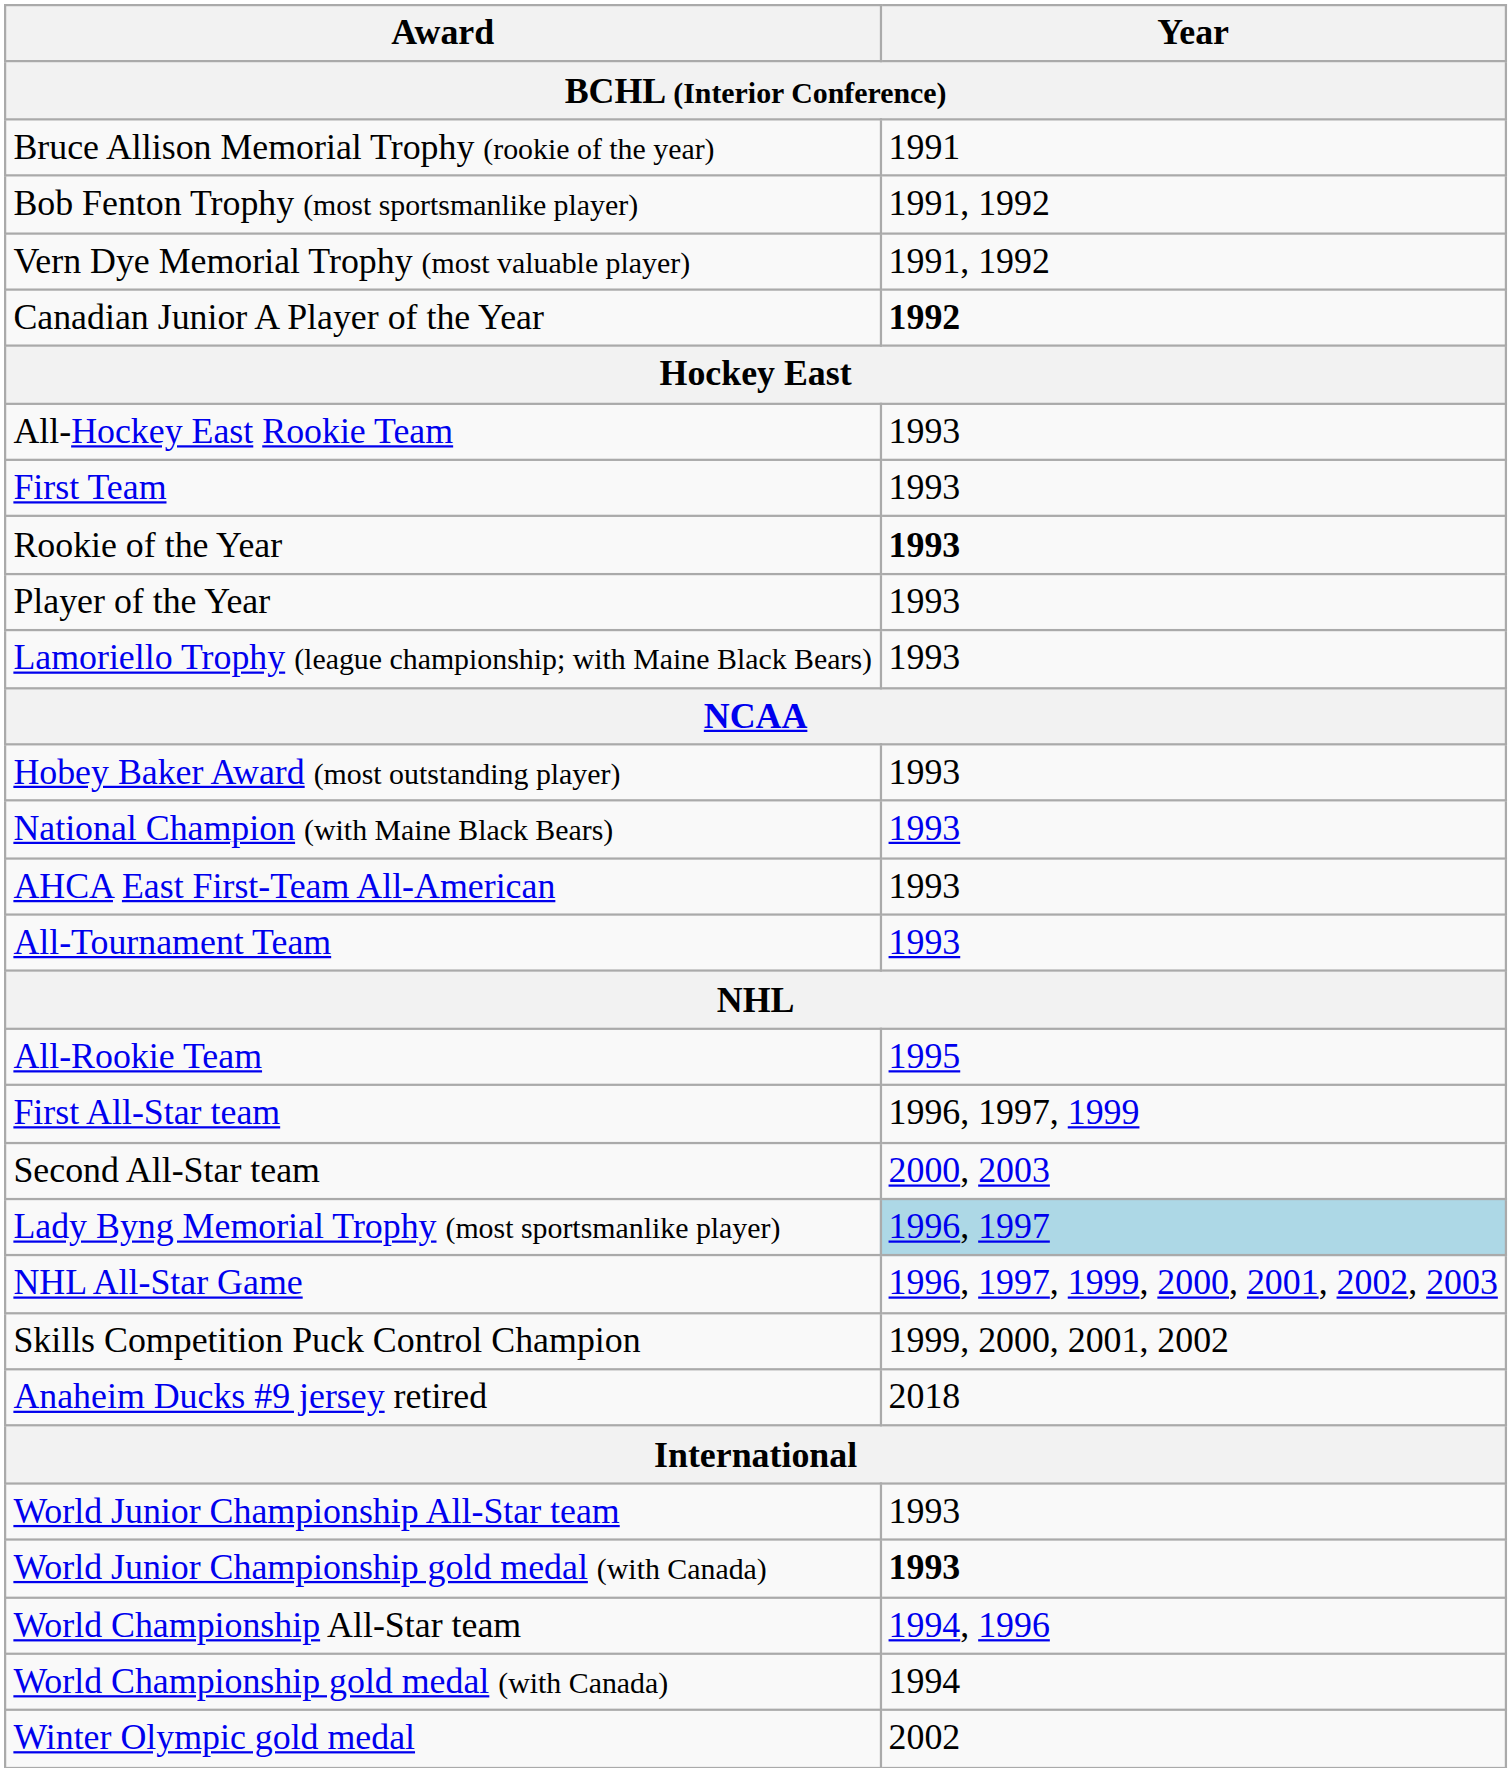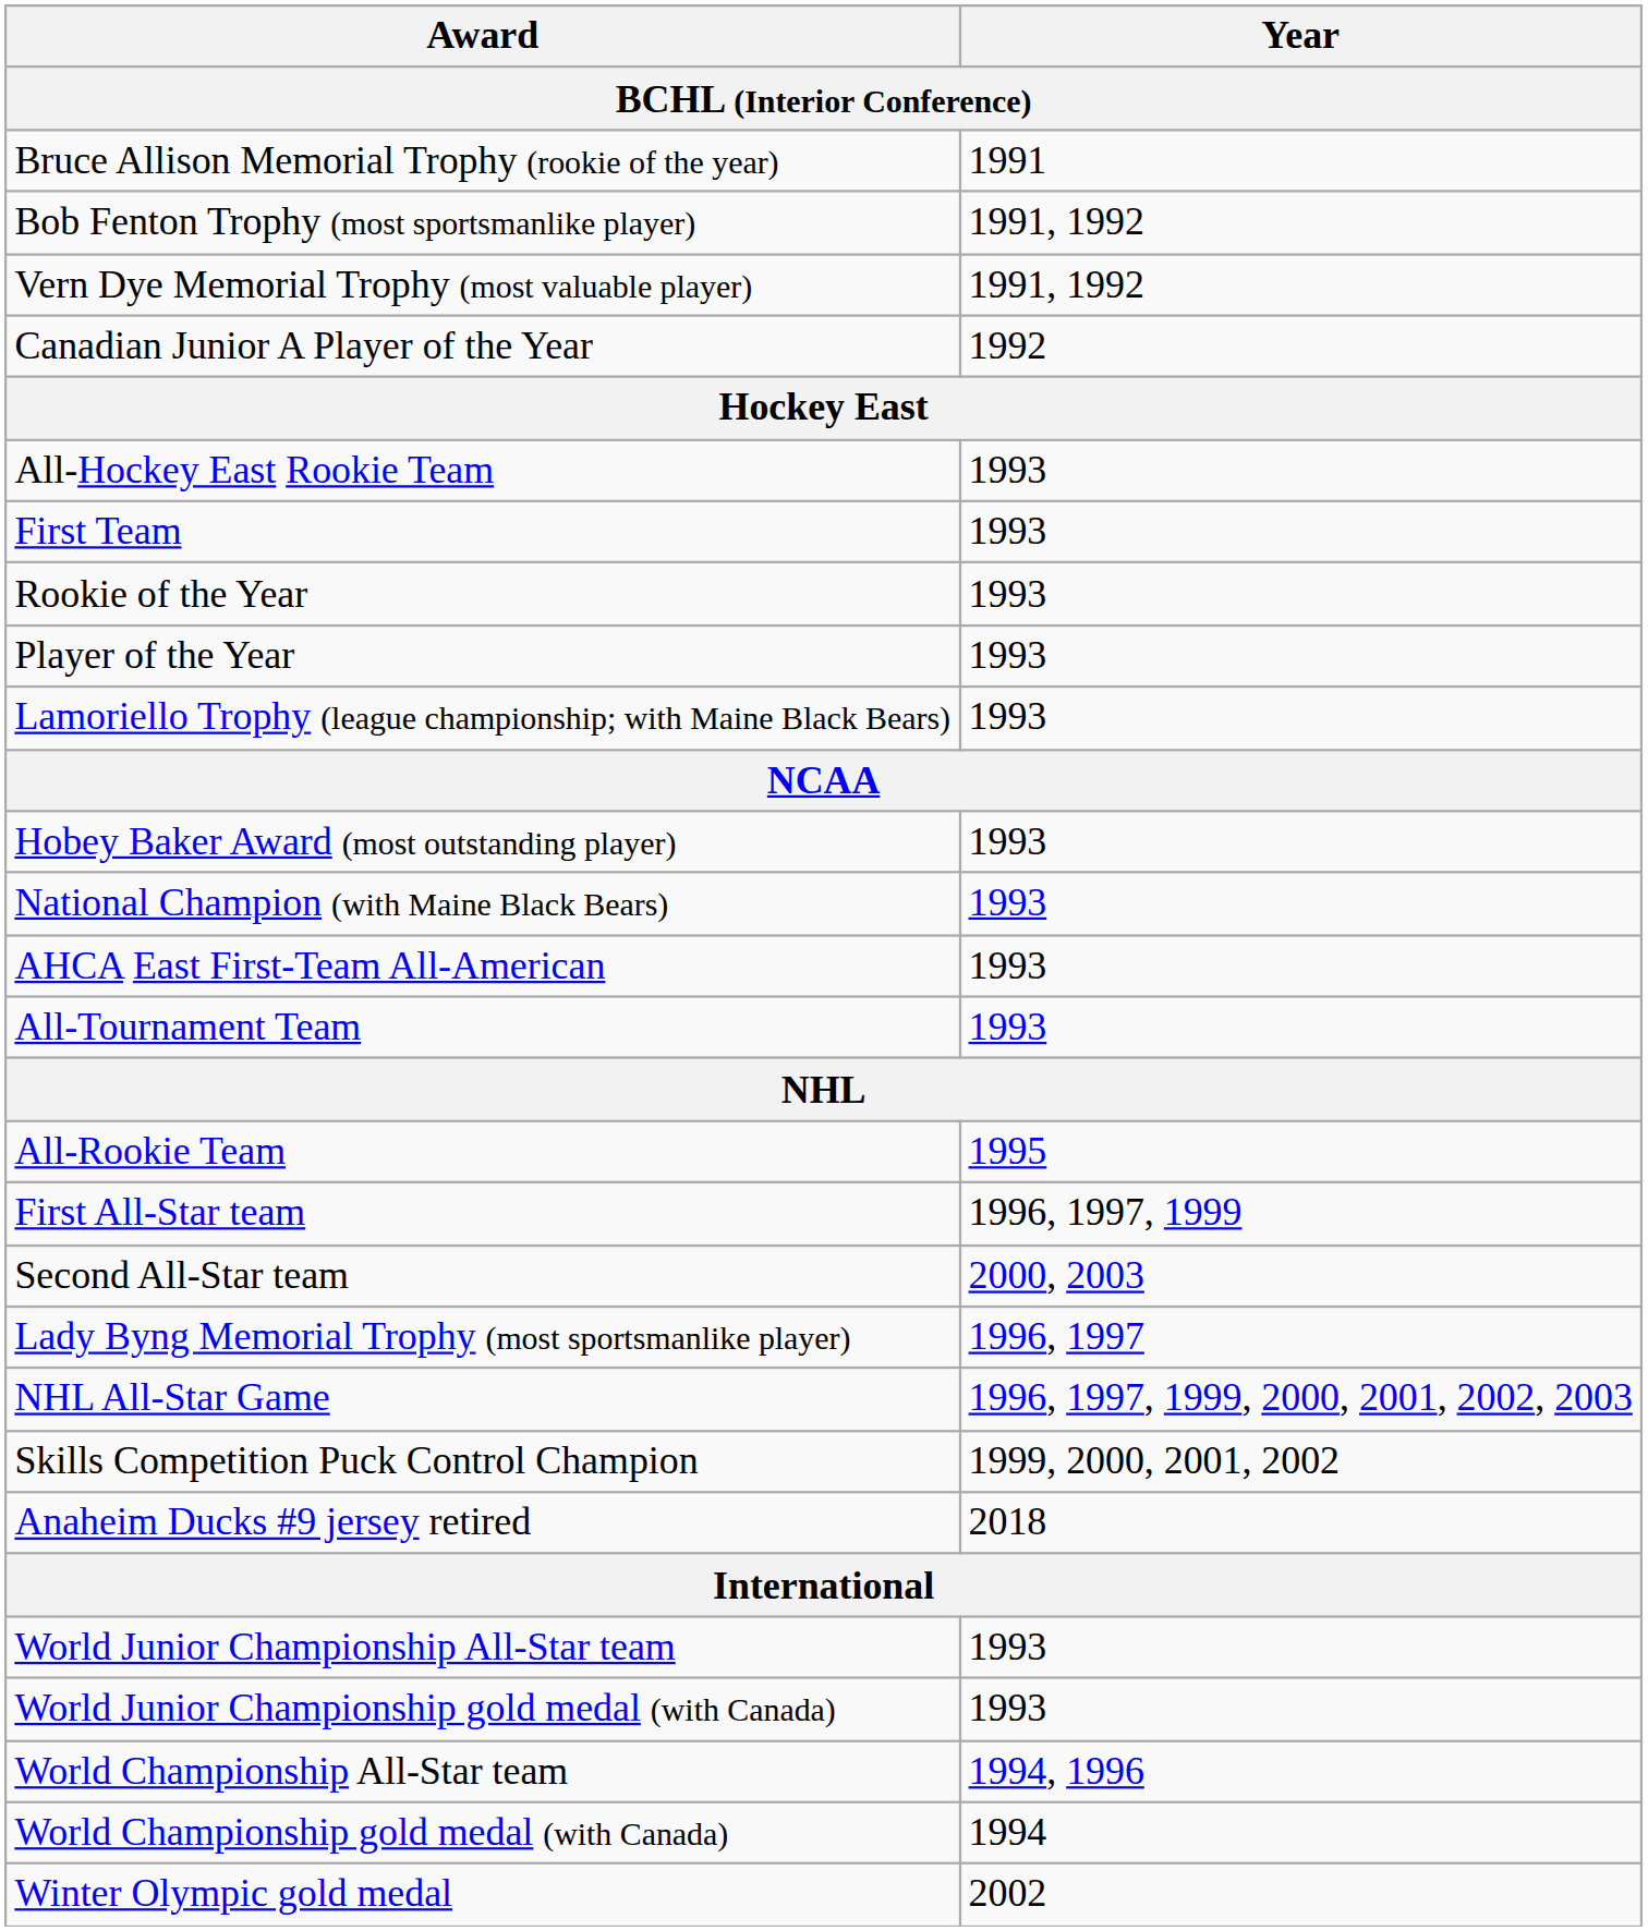 <table class="wikitable" border="1">
 <tr>
 <th>Award</th>
 <th>Year</th>
 </tr>
 <tr>
 <th colspan="2">BCHL <small>(Interior Conference)</small></th>
 </tr>
 <tr>
 <td>Bruce Allison Memorial Trophy <small>(rookie of the year)</small></td>
 <td>1991</td>
 </tr>
 <tr>
 <td>Bob Fenton Trophy <small>(most sportsmanlike player)</small></td>
 <td>1991, 1992</td>
 </tr>
 <tr>
 <td>Vern Dye Memorial Trophy <small>(most valuable player)</small></td>
 <td>1991, 1992</td>
 </tr>
 <tr>
 <td>Canadian Junior A Player of the Year</td>
-<td><strong>1992</strong></td>
+<td>1992</td>
 </tr>
 <tr>
 <th colspan="2">Hockey East</th>
 </tr>
 <tr>
 <td>All-<a href='#'>Hockey East</a> <a href='#'>Rookie Team</a></td>
 <td>1993</td>
 </tr>
 <tr>
 <td><a href='#'>First Team</a></td>
 <td>1993</td>
 </tr>
 <tr>
 <td>Rookie of the Year</td>
-<td><strong>1993</strong></td>
+<td>1993</td>
 </tr>
 <tr>
 <td>Player of the Year</td>
 <td>1993</td>
 </tr>
 <tr>
 <td><a href='#'>Lamoriello Trophy</a> <small>(league championship; with Maine Black Bears)</small></td>
 <td>1993</td>
 </tr>
 <tr>
 <th colspan="2"><a href='#'>NCAA</a></th>
 </tr>
 <tr>
 <td><a href='#'>Hobey Baker Award</a> <small>(most outstanding player)</small></td>
 <td>1993</td>
 </tr>
 <tr>
 <td><a href='#'>National Champion</a> <small>(with Maine Black Bears)</small></td>
 <td><a href='#'>1993</a></td>
 </tr>
 <tr>
 <td><a href='#'>AHCA</a> <a href='#'>East First-Team All-American</a></td>
 <td>1993</td>
 </tr>
 <tr>
 <td><a href='#'>All-Tournament Team</a></td>
 <td><a href='#'>1993</a></td>
 </tr>
 <tr>
 <th colspan="2">NHL</th>
 </tr>
 <tr>
 <td><a href='#'>All-Rookie Team</a></td>
 <td><a href='#'>1995</a></td>
 </tr>
 <tr>
 <td><a href='#'>First All-Star team</a></td>
 <td>1996, 1997, <a href='#'>1999</a></td>
 </tr>
 <tr>
 <td>Second All-Star team</td>
 <td><a href='#'>2000</a>, <a href='#'>2003</a></td>
 </tr>
 <tr>
 <td><a href='#'>Lady Byng Memorial Trophy</a> <small>(most sportsmanlike player)</small></td>
-<td style="background: lightblue;"><a href='#'>1996</a>, <a href='#'>1997</a></td>
+<td><a href='#'>1996</a>, <a href='#'>1997</a></td>
 </tr>
 <tr>
 <td><a href='#'>NHL All-Star Game</a></td>
 <td><a href='#'>1996</a>, <a href='#'>1997</a>, <a href='#'>1999</a>, <a href='#'>2000</a>, <a href='#'>2001</a>, <a href='#'>2002</a>, <a href='#'>2003</a></td>
 </tr>
 <tr>
 <td>Skills Competition Puck Control Champion</td>
 <td>1999, 2000, 2001, 2002</td>
 </tr>
 <tr>
 <td><a href='#'>Anaheim Ducks #9 jersey</a> retired</td>
 <td>2018</td>
 </tr>
 <tr>
 <th colspan="2">International</th>
 </tr>
 <tr>
 <td><a href='#'>World Junior Championship All-Star team</a></td>
 <td>1993</td>
 </tr>
 <tr>
 <td><a href='#'>World Junior Championship gold medal</a> <small>(with Canada)</small></td>
-<td><strong>1993</strong></td>
+<td>1993</td>
 </tr>
 <tr>
 <td><a href='#'>World Championship</a> All-Star team</td>
 <td><a href='#'>1994</a>, <a href='#'>1996</a></td>
 </tr>
 <tr>
 <td><a href='#'>World Championship gold medal</a> <small>(with Canada)</small></td>
 <td>1994</td>
 </tr>
 <tr>
 <td><a href='#'>Winter Olympic gold medal</a></td>
 <td>2002</td>
 </tr>
 </table>
